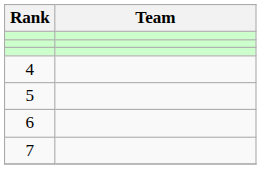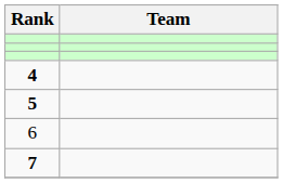 <table class="wikitable" style="text-align: center;">
 <tr>
 <th width=40>Rank</th>
 <th width=180>Team</th>
 </tr>
 <tr align=center; bgcolor=#ccffcc>
 <td></td>
 <td style="text-align:left;"></td>
 </tr>
 <tr align=center; bgcolor=#ccffcc>
 <td></td>
 <td style="text-align:left;"></td>
 </tr>
 <tr align=center; bgcolor=#ccffcc>
 <td></td>
 <td style="text-align:left;"></td>
 </tr>
 <tr align=center;>
-<td>4</td>
+<td><strong>4</strong></td>
 <td style="text-align:left;"></td>
 </tr>
 <tr align=center>
-<td>5</td>
+<td><strong>5</strong></td>
 <td style="text-align:left;"></td>
 </tr>
 <tr align=center>
 <td>6</td>
 <td style="text-align:left;"></td>
 </tr>
 <tr align=center>
-<td>7</td>
+<td><strong>7</strong></td>
 <td style="text-align:left;"></td>
 </tr>
 <tr align=center>
 </tr>
 </table>
